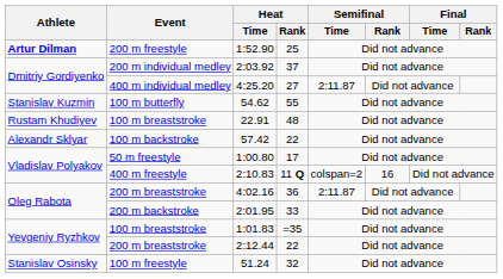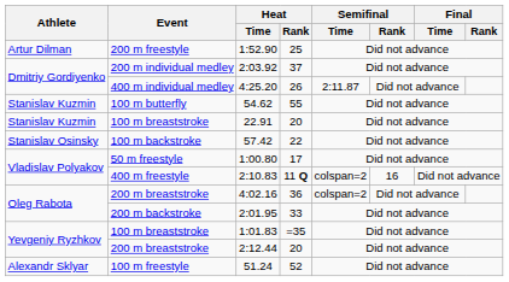 <table class=wikitable style="font-size:90%">
 <tr>
 <th rowspan="2">Athlete</th>
 <th rowspan="2">Event</th>
 <th colspan="2">Heat</th>
 <th colspan="2">Semifinal</th>
 <th colspan="2">Final</th>
 </tr>
 <tr style="font-size:95%">
 <th>Time</th>
 <th>Rank</th>
 <th>Time</th>
 <th>Rank</th>
 <th>Time</th>
 <th>Rank</th>
 </tr>
 <tr align=center>
-<td align=left><strong><a href='#'>Artur Dilman</a></strong></td>
+<td align=left><a href='#'>Artur Dilman</a></td>
 <td align=left><a href='#'>200 m freestyle</a></td>
 <td>1:52.90</td>
 <td>25</td>
 <td colspan=4>Did not advance</td>
 </tr>
 <tr align=center>
 <td align=left rowspan=2><a href='#'>Dmitriy Gordiyenko</a></td>
 <td align=left><a href='#'>200 m individual medley</a></td>
 <td>2:03.92</td>
 <td>37</td>
 <td colspan=4>Did not advance</td>
 </tr>
 <tr align=center>
 <td align=left><a href='#'>400 m individual medley</a></td>
 <td>4:25.20</td>
-<td>27</td>
+<td>26</td>
 <td>2:11.87</td>
 <td colspan=2>Did not advance</td>
 </tr>
 <tr align=center>
 <td align=left><a href='#'>Stanislav Kuzmin</a></td>
 <td align=left><a href='#'>100 m butterfly</a></td>
 <td>54.62</td>
 <td>55</td>
 <td colspan=4>Did not advance</td>
 </tr>
 <tr align=center>
-<td align=left><a href='#'>Rustam Khudiyev</a></td>
+<td align=left><a href='#'>Stanislav Kuzmin</a></td>
 <td align=left><a href='#'>100 m breaststroke</a></td>
 <td>22.91</td>
-<td>48</td>
+<td>20</td>
 <td colspan=4>Did not advance</td>
 </tr>
 <tr align=center>
-<td align=left><a href='#'>Alexandr Sklyar</a></td>
+<td align=left><a href='#'>Stanislav Osinsky</a></td>
 <td align=left><a href='#'>100 m backstroke</a></td>
 <td>57.42</td>
 <td>22</td>
 <td colspan=4>Did not advance</td>
 </tr>
 <tr align=center>
 <td align=left rowspan=2><a href='#'>Vladislav Polyakov</a></td>
 <td align=left><a href='#'>50 m freestyle</a></td>
 <td>1:00.80</td>
 <td>17</td>
 <td colspan=4>Did not advance</td>
 </tr>
 <tr align=center>
 <td align=left><a href='#'>400 m freestyle</a></td>
 <td>2:10.83</td>
 <td>11 <strong>Q</strong></td>
 <td>colspan=2 </td>
 <td>16</td>
 <td colspan=2>Did not advance</td>
 </tr>
 <tr align=center>
 <td align=left rowspan=2><a href='#'>Oleg Rabota</a></td>
 <td align=left><a href='#'>200 m breaststroke</a></td>
 <td>4:02.16</td>
 <td>36</td>
-<td>2:11.87</td>
+<td>colspan=2 </td>
 <td colspan=2>Did not advance</td>
 </tr>
 <tr align=center>
 <td align=left><a href='#'>200 m backstroke</a></td>
 <td>2:01.95</td>
 <td>33</td>
 <td colspan=4>Did not advance</td>
 </tr>
 <tr align=center>
 <td align=left rowspan=2><a href='#'>Yevgeniy Ryzhkov</a></td>
 <td align=left><a href='#'>100 m breaststroke</a></td>
 <td>1:01.83</td>
 <td>=35</td>
 <td colspan=4>Did not advance</td>
 </tr>
 <tr align=center>
 <td align=left><a href='#'>200 m breaststroke</a></td>
 <td>2:12.44</td>
-<td>22</td>
+<td>20</td>
 <td colspan=4>Did not advance</td>
 </tr>
 <tr align=center>
-<td align=left><a href='#'>Stanislav Osinsky</a></td>
+<td align=left><a href='#'>Alexandr Sklyar</a></td>
 <td align=left><a href='#'>100 m freestyle</a></td>
 <td>51.24</td>
-<td>32</td>
+<td>52</td>
 <td colspan=4>Did not advance</td>
 </tr>
 </table>
